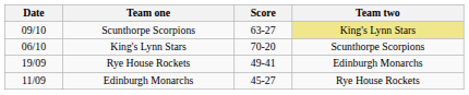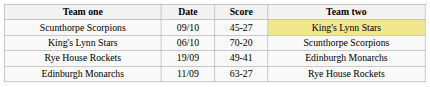 <table class="wikitable" style="text-align: center">
 <tr>
+<th width=250>Team one</th>
 <th width=80>Date</th>
-<th width=250>Team one</th>
 <th width=80>Score</th>
 <th width=250>Team two</th>
 </tr>
 <tr>
+<td>Scunthorpe Scorpions</td>
 <td>09/10</td>
-<td>Scunthorpe Scorpions</td>
-<td>63-27</td>
+<td>45-27</td>
 <td style="background: khaki;">King's Lynn Stars</td>
 </tr>
 <tr>
+<td>King's Lynn Stars</td>
 <td>06/10</td>
-<td>King's Lynn Stars</td>
 <td>70-20</td>
 <td>Scunthorpe Scorpions</td>
 </tr>
 <tr>
+<td>Rye House Rockets</td>
 <td>19/09</td>
-<td>Rye House Rockets</td>
 <td>49-41</td>
 <td>Edinburgh Monarchs</td>
 </tr>
 <tr>
+<td>Edinburgh Monarchs</td>
 <td>11/09</td>
-<td>Edinburgh Monarchs</td>
-<td>45-27</td>
+<td>63-27</td>
 <td>Rye House Rockets</td>
 </tr>
 </table>
